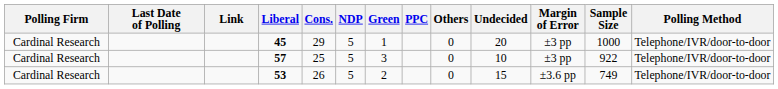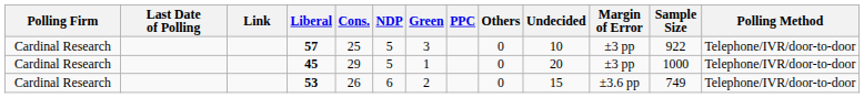 <table class="wikitable sortable" style="text-align:center;font-size:90%;line-height:14px;">
 <tr style="background:#e9e9e9;">
 <th style="width:120px">Polling Firm</th>
 <th style="width:110px">Last Date<br>of Polling</th>
 <th style="width:60px" class="unsortable">Link</th>
 <th style="background-color:"><a href='#'>Liberal</a></th>
 <th style="background-color:"><a href='#'>Cons.</a></th>
 <th style="background-color:"><a href='#'>NDP</a></th>
 <th style="background-color:"><a href='#'>Green</a></th>
 <th style="background-color:"><a href='#'><span>PPC</span></a></th>
 <th style="background-color:">Others</th>
 <th style="background-color:">Undecided</th>
 <th style="width:60px;" class=unsortable>Margin<br>of Error</th>
 <th style="width:50px;" class=unsortable>Sample<br>Size</th>
 <th class=unsortable>Polling Method</th>
 </tr>
 <tr>
 <td>Cardinal Research</td>
 <td></td>
 <td></td>
+<td><strong>57</strong></td>
+<td>25</td>
+<td>5</td>
+<td>3</td>
+<td></td>
+<td>0</td>
+<td>10</td>
+<td>±3 pp</td>
+<td>922</td>
+<td>Telephone/IVR/door-to-door</td>
+</tr>
+<tr>
+<td>Cardinal Research</td>
+<td></td>
+<td></td>
 <td><strong>45</strong></td>
 <td>29</td>
 <td>5</td>
 <td>1</td>
 <td></td>
 <td>0</td>
 <td>20</td>
 <td>±3 pp</td>
 <td>1000</td>
 <td>Telephone/IVR/door-to-door</td>
 </tr>
 <tr>
 <td>Cardinal Research</td>
 <td></td>
 <td></td>
-<td><strong>57</strong></td>
-<td>25</td>
-<td>5</td>
-<td>3</td>
-<td></td>
-<td>0</td>
-<td>10</td>
-<td>±3 pp</td>
-<td>922</td>
-<td>Telephone/IVR/door-to-door</td>
-</tr>
-<tr>
-<td>Cardinal Research</td>
-<td></td>
-<td></td>
 <td><strong>53</strong></td>
 <td>26</td>
-<td>5</td>
+<td>6</td>
 <td>2</td>
 <td></td>
 <td>0</td>
 <td>15</td>
 <td>±3.6 pp</td>
 <td>749</td>
 <td>Telephone/IVR/door-to-door</td>
 </tr>
 </table>
